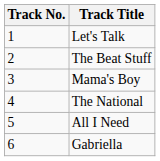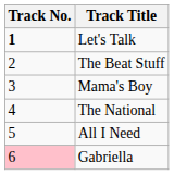 <table class="wikitable">
 <tr>
 <th>Track No.</th>
 <th>Track Title</th>
 </tr>
 <tr>
-<td>1</td>
+<td><strong>1</strong></td>
 <td>Let's Talk</td>
 </tr>
 <tr>
 <td>2</td>
 <td>The Beat Stuff</td>
 </tr>
 <tr>
 <td>3</td>
 <td>Mama's Boy</td>
 </tr>
 <tr>
 <td>4</td>
 <td>The National</td>
 </tr>
 <tr>
 <td>5</td>
 <td>All I Need</td>
 </tr>
 <tr>
-<td>6</td>
+<td style="background: pink;">6</td>
 <td>Gabriella</td>
 </tr>
 </table>
